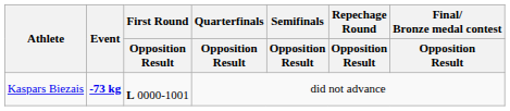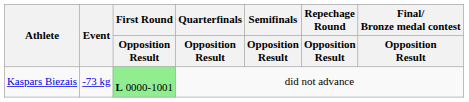 <table class="wikitable" style="font-size:90%">
 <tr>
 <th rowspan="2">Athlete</th>
 <th rowspan="2">Event</th>
 <th>First Round</th>
 <th>Quarterfinals</th>
 <th>Semifinals</th>
 <th>Repechage <br>Round</th>
 <th>Final/<br>Bronze medal contest</th>
 </tr>
 <tr>
 <th>Opposition<br>Result</th>
 <th>Opposition<br>Result</th>
 <th>Opposition<br>Result</th>
 <th>Opposition<br>Result</th>
 <th>Opposition<br>Result</th>
 </tr>
 <tr>
 <td><a href='#'>Kaspars Biezais</a></td>
-<td align="center"><strong><a href='#'>-73 kg</a></strong></td>
-<td align="center"><br> <strong>L</strong> 0000-1001</td>
+<td align="center"><a href='#'>-73 kg</a></td>
+<td align="center" style="background: lightgreen;"><br> <strong>L</strong> 0000-1001</td>
 <td align="center" colspan="4">did not advance</td>
 </tr>
 </table>
